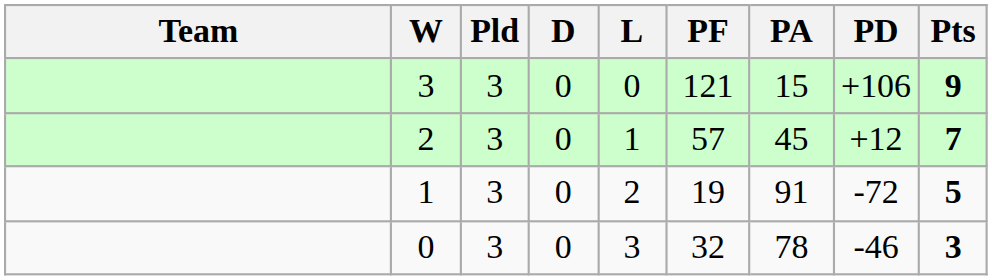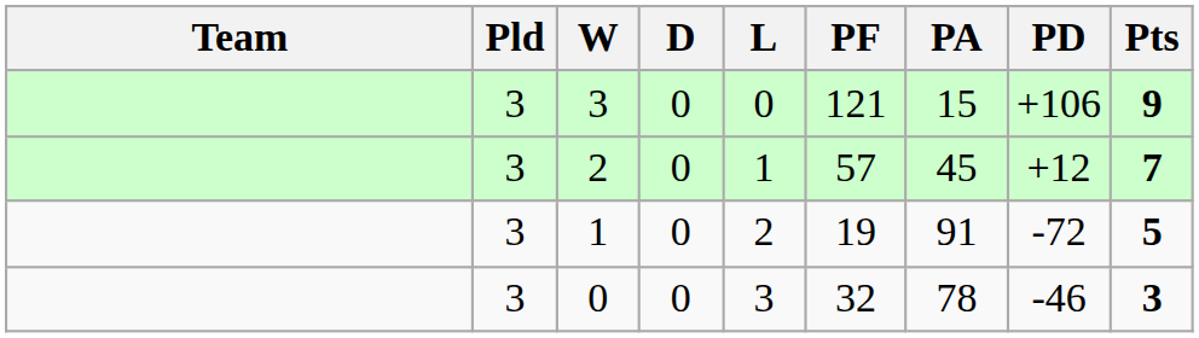 <table class="wikitable" style="text-align:center;">
 <tr>
 <th width=175>Team</th>
+<th width=25 abbr="Played">Pld</th>
 <th width=25 abbr="Won">W</th>
-<th width=25 abbr="Played">Pld</th>
 <th width=25 abbr="Drawn">D</th>
 <th width=25 abbr="Lost">L</th>
 <th width=32 abbr="Points for">PF</th>
 <th width=32 abbr="Points against">PA</th>
 <th width=32 abbr="Points difference">PD</th>
 <th width=25 abbr="Points">Pts</th>
 </tr>
 <tr bgcolor=ccffcc>
 <td align=left></td>
 <td>3</td>
 <td>3</td>
 <td>0</td>
 <td>0</td>
 <td>121</td>
 <td>15</td>
 <td>+106</td>
 <td><strong>9</strong></td>
 </tr>
 <tr bgcolor=ccffcc>
 <td align=left></td>
+<td>3</td>
 <td>2</td>
-<td>3</td>
 <td>0</td>
 <td>1</td>
 <td>57</td>
 <td>45</td>
 <td>+12</td>
 <td><strong>7</strong></td>
 </tr>
 <tr>
 <td align=left></td>
+<td>3</td>
 <td>1</td>
-<td>3</td>
 <td>0</td>
 <td>2</td>
 <td>19</td>
 <td>91</td>
 <td>-72</td>
 <td><strong>5</strong></td>
 </tr>
 <tr>
 <td align=left></td>
+<td>3</td>
 <td>0</td>
-<td>3</td>
 <td>0</td>
 <td>3</td>
 <td>32</td>
 <td>78</td>
 <td>-46</td>
 <td><strong>3</strong></td>
 </tr>
 </table>
